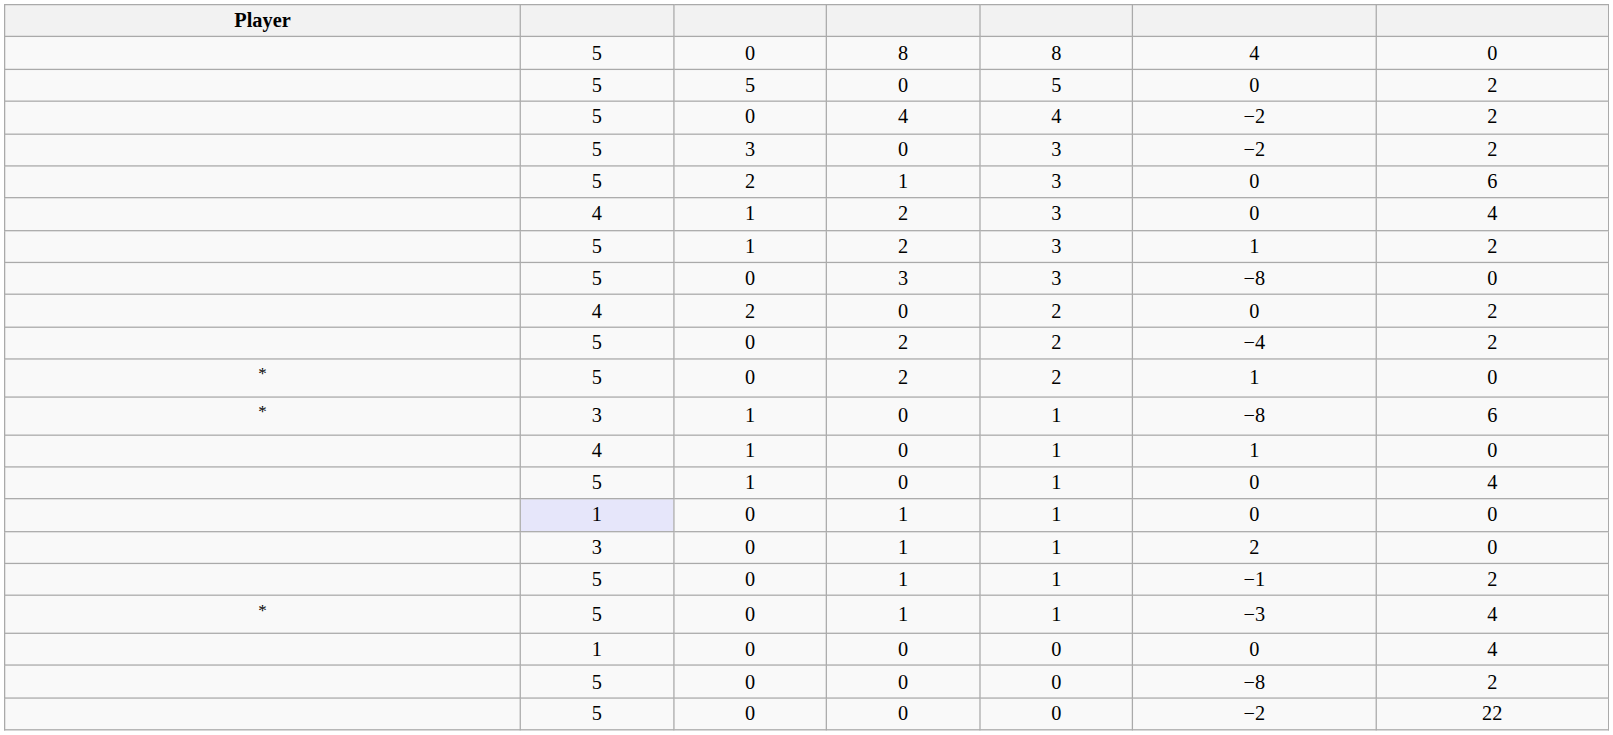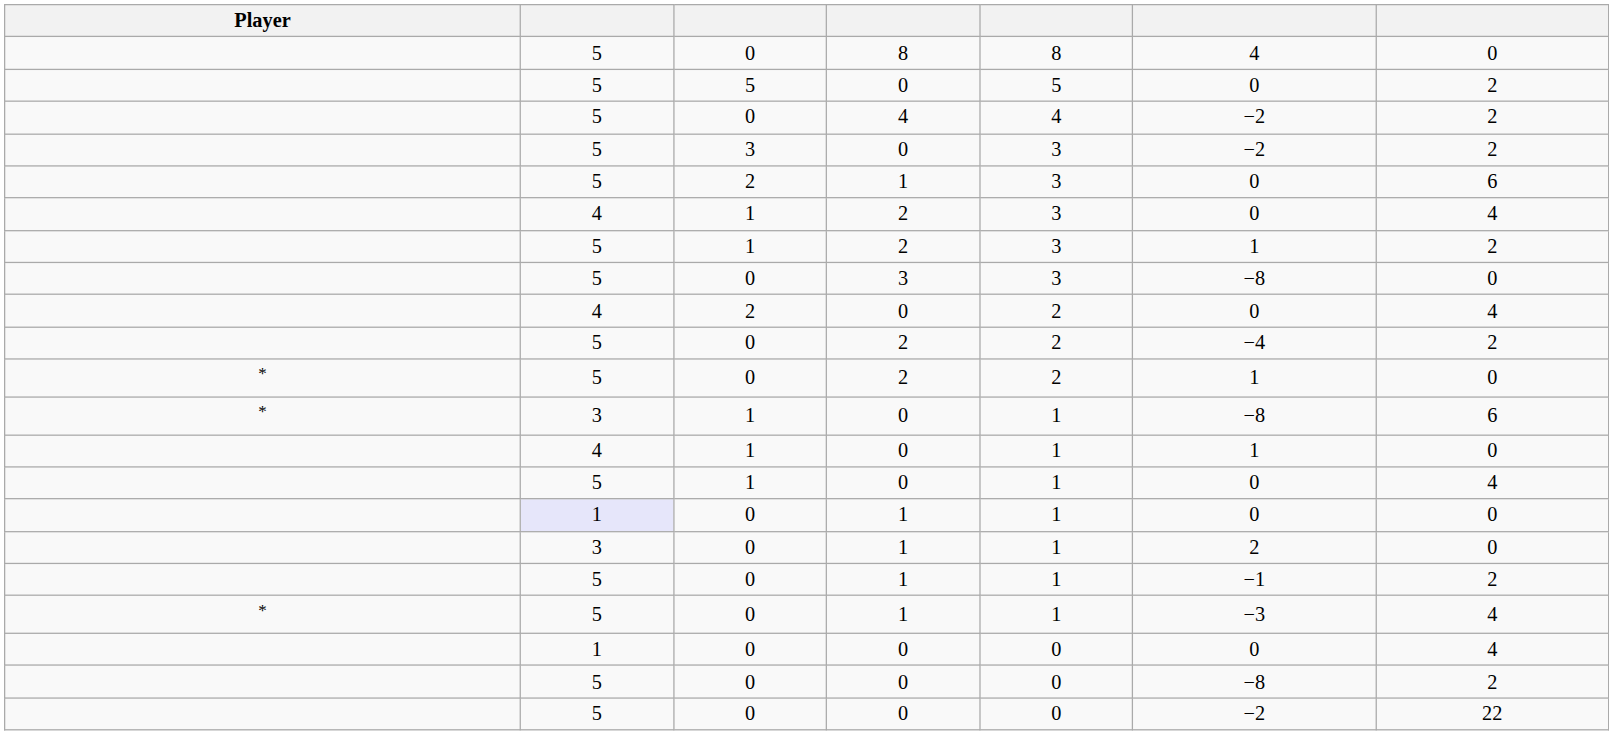 <table class="wikitable sortable" style="width:100%;">
 <tr align=center>
 <th>Player</th>
 <th></th>
 <th></th>
 <th></th>
 <th></th>
 <th data-sort-type="number"></th>
 <th></th>
 </tr>
 <tr align=center>
 <td></td>
 <td>5</td>
 <td>0</td>
 <td>8</td>
 <td>8</td>
 <td>4</td>
 <td>0</td>
 </tr>
 <tr align=center>
 <td></td>
 <td>5</td>
 <td>5</td>
 <td>0</td>
 <td>5</td>
 <td>0</td>
 <td>2</td>
 </tr>
 <tr align=center>
 <td></td>
 <td>5</td>
 <td>0</td>
 <td>4</td>
 <td>4</td>
 <td>−2</td>
 <td>2</td>
 </tr>
 <tr align=center>
 <td></td>
 <td>5</td>
 <td>3</td>
 <td>0</td>
 <td>3</td>
 <td>−2</td>
 <td>2</td>
 </tr>
 <tr align=center>
 <td></td>
 <td>5</td>
 <td>2</td>
 <td>1</td>
 <td>3</td>
 <td>0</td>
 <td>6</td>
 </tr>
 <tr align=center>
 <td></td>
 <td>4</td>
 <td>1</td>
 <td>2</td>
 <td>3</td>
 <td>0</td>
 <td>4</td>
 </tr>
 <tr align=center>
 <td></td>
 <td>5</td>
 <td>1</td>
 <td>2</td>
 <td>3</td>
 <td>1</td>
 <td>2</td>
 </tr>
 <tr align=center>
 <td></td>
 <td>5</td>
 <td>0</td>
 <td>3</td>
 <td>3</td>
 <td>−8</td>
 <td>0</td>
 </tr>
 <tr align=center>
 <td></td>
 <td>4</td>
 <td>2</td>
 <td>0</td>
 <td>2</td>
 <td>0</td>
-<td>2</td>
+<td>4</td>
 </tr>
 <tr align=center>
 <td></td>
 <td>5</td>
 <td>0</td>
 <td>2</td>
 <td>2</td>
 <td>−4</td>
 <td>2</td>
 </tr>
 <tr align=center>
 <td><sup>*</sup></td>
 <td>5</td>
 <td>0</td>
 <td>2</td>
 <td>2</td>
 <td>1</td>
 <td>0</td>
 </tr>
 <tr align=center>
 <td><sup>*</sup></td>
 <td>3</td>
 <td>1</td>
 <td>0</td>
 <td>1</td>
 <td>−8</td>
 <td>6</td>
 </tr>
 <tr align=center>
 <td></td>
 <td>4</td>
 <td>1</td>
 <td>0</td>
 <td>1</td>
 <td>1</td>
 <td>0</td>
 </tr>
 <tr align=center>
 <td></td>
 <td>5</td>
 <td>1</td>
 <td>0</td>
 <td>1</td>
 <td>0</td>
 <td>4</td>
 </tr>
 <tr align=center>
 <td></td>
 <td style="background: lavender;">1</td>
 <td>0</td>
 <td>1</td>
 <td>1</td>
 <td>0</td>
 <td>0</td>
 </tr>
 <tr align=center>
 <td></td>
 <td>3</td>
 <td>0</td>
 <td>1</td>
 <td>1</td>
 <td>2</td>
 <td>0</td>
 </tr>
 <tr align=center>
 <td></td>
 <td>5</td>
 <td>0</td>
 <td>1</td>
 <td>1</td>
 <td>−1</td>
 <td>2</td>
 </tr>
 <tr align=center>
 <td><sup>*</sup></td>
 <td>5</td>
 <td>0</td>
 <td>1</td>
 <td>1</td>
 <td>−3</td>
 <td>4</td>
 </tr>
 <tr align=center>
 <td></td>
 <td>1</td>
 <td>0</td>
 <td>0</td>
 <td>0</td>
 <td>0</td>
 <td>4</td>
 </tr>
 <tr align=center>
 <td></td>
 <td>5</td>
 <td>0</td>
 <td>0</td>
 <td>0</td>
 <td>−8</td>
 <td>2</td>
 </tr>
 <tr align=center>
 <td></td>
 <td>5</td>
 <td>0</td>
 <td>0</td>
 <td>0</td>
 <td>−2</td>
 <td>22</td>
 </tr>
 </table>
